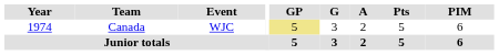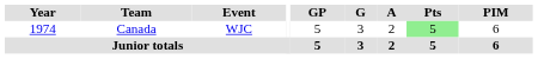 <table border="0" cellpadding="1" cellspacing="0" ID="Table3" style="text-align:center; width:40em">
 <tr bgcolor="#e0e0e0">
 <th>Year</th>
 <th>Team</th>
 <th>Event</th>
 <th rowspan="102" bgcolor="#ffffff"></th>
 <th>GP</th>
 <th>G</th>
 <th>A</th>
 <th>Pts</th>
 <th>PIM</th>
 </tr>
 <tr>
 <td><a href='#'>1974</a></td>
 <td><a href='#'>Canada</a></td>
 <td><a href='#'>WJC</a></td>
-<td style="background: khaki;">5</td>
+<td>5</td>
 <td>3</td>
 <td>2</td>
-<td>5</td>
+<td style="background: lightgreen;">5</td>
 <td>6</td>
 </tr>
 <tr bgcolor="#e0e0e0">
 <th colspan="4">Junior totals</th>
 <th>5</th>
 <th>3</th>
 <th>2</th>
 <th>5</th>
 <th>6</th>
 </tr>
 </table>
